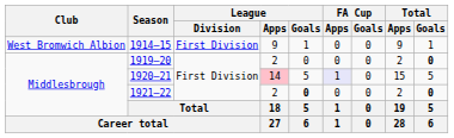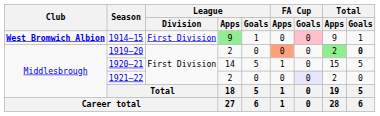 <table class="wikitable" style="text-align: center;">
 <tr>
 <th rowspan="2">Club</th>
 <th rowspan="2">Season</th>
 <th colspan="3">League</th>
 <th colspan="2">FA Cup</th>
 <th colspan="2">Total</th>
 </tr>
 <tr>
 <th>Division</th>
 <th>Apps</th>
 <th>Goals</th>
 <th>Apps</th>
 <th>Goals</th>
 <th>Apps</th>
 <th>Goals</th>
 </tr>
 <tr>
-<td><a href='#'>West Bromwich Albion</a></td>
+<td><strong><a href='#'>West Bromwich Albion</a></strong></td>
 <td><a href='#'>1914–15</a></td>
 <td><a href='#'>First Division</a></td>
-<td>9</td>
+<td style="background: lightgreen;">9</td>
 <td>1</td>
 <td>0</td>
-<td>0</td>
+<td style="background: pink;">0</td>
 <td>9</td>
 <td>1</td>
 </tr>
 <tr>
 <td rowspan="4"><a href='#'>Middlesbrough</a></td>
 <td><a href='#'>1919–20</a></td>
 <td rowspan="3">First Division</td>
 <td>2</td>
 <td>0</td>
+<td style="background: lightsalmon;">0</td>
 <td>0</td>
-<td>0</td>
-<td>2</td>
+<td style="background: lightgreen;">2</td>
 <td><strong>0</strong></td>
 </tr>
 <tr>
 <td><a href='#'>1920–21</a></td>
-<td style="background: pink;">14</td>
+<td>14</td>
 <td>5</td>
-<td style="background: lavender;">1</td>
+<td>1</td>
 <td>0</td>
 <td>15</td>
 <td>5</td>
 </tr>
 <tr>
 <td><a href='#'>1921–22</a></td>
 <td>2</td>
-<td><strong>0</strong></td>
 <td>0</td>
 <td>0</td>
+<td style="background: lavender;">0</td>
 <td>2</td>
-<td><strong>0</strong></td>
+<td>0</td>
 </tr>
 <tr>
 <th colspan="2">Total</th>
 <th>18</th>
 <th>5</th>
 <th>1</th>
 <th>0</th>
 <th>19</th>
 <th>5</th>
 </tr>
 <tr>
 <th colspan="3">Career total</th>
 <th>27</th>
 <th>6</th>
 <th>1</th>
 <th>0</th>
 <th>28</th>
 <th>6</th>
 </tr>
 </table>
